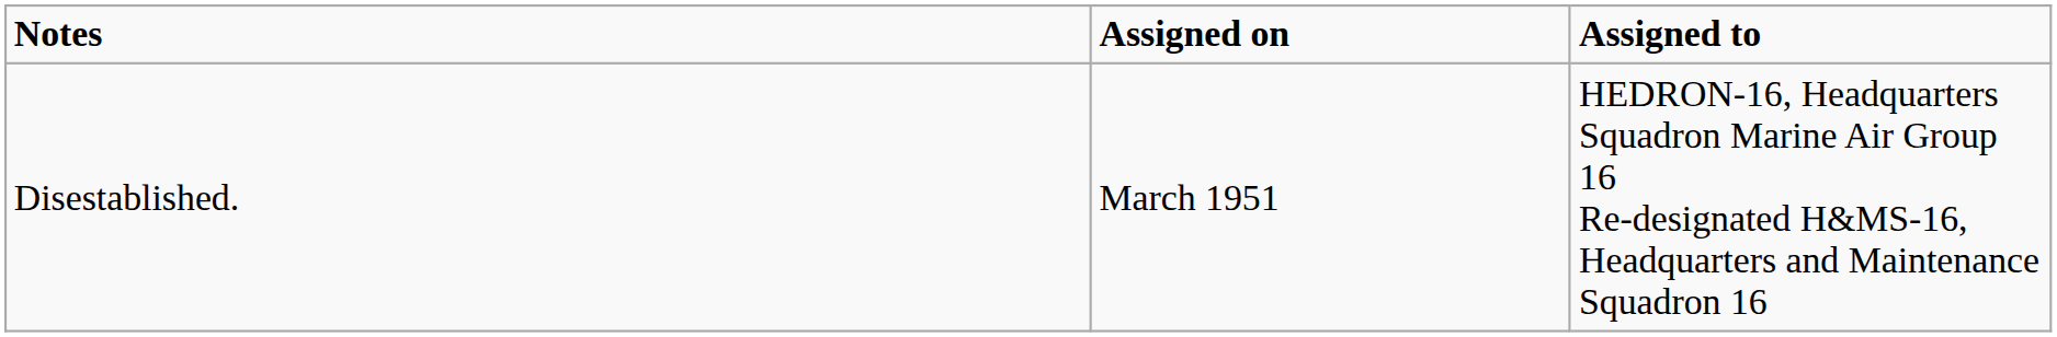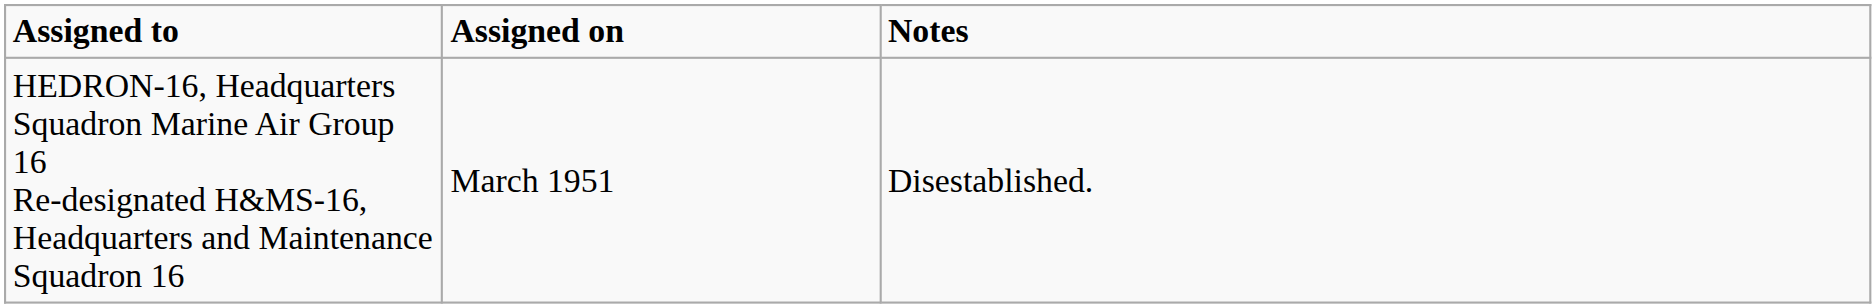 <table class="wikitable" style="width: 70%;">
 <tr>
+<td style="width: 200px;"><strong>Assigned to</strong></td>
+<td style="width: 200px;"><strong>Assigned on</strong></td>
 <td><strong>Notes</strong></td>
-<td style="width: 200px;"><strong>Assigned on</strong></td>
-<td style="width: 200px;"><strong>Assigned to</strong></td>
 </tr>
 <tr>
+<td>HEDRON-16, Headquarters Squadron Marine Air Group 16<br>Re-designated H&MS-16, Headquarters and Maintenance Squadron 16</td>
+<td>March 1951</td>
 <td>Disestablished.</td>
-<td>March 1951</td>
-<td>HEDRON-16, Headquarters Squadron Marine Air Group 16<br>Re-designated H&MS-16, Headquarters and Maintenance Squadron 16</td>
 </tr>
 </table>
